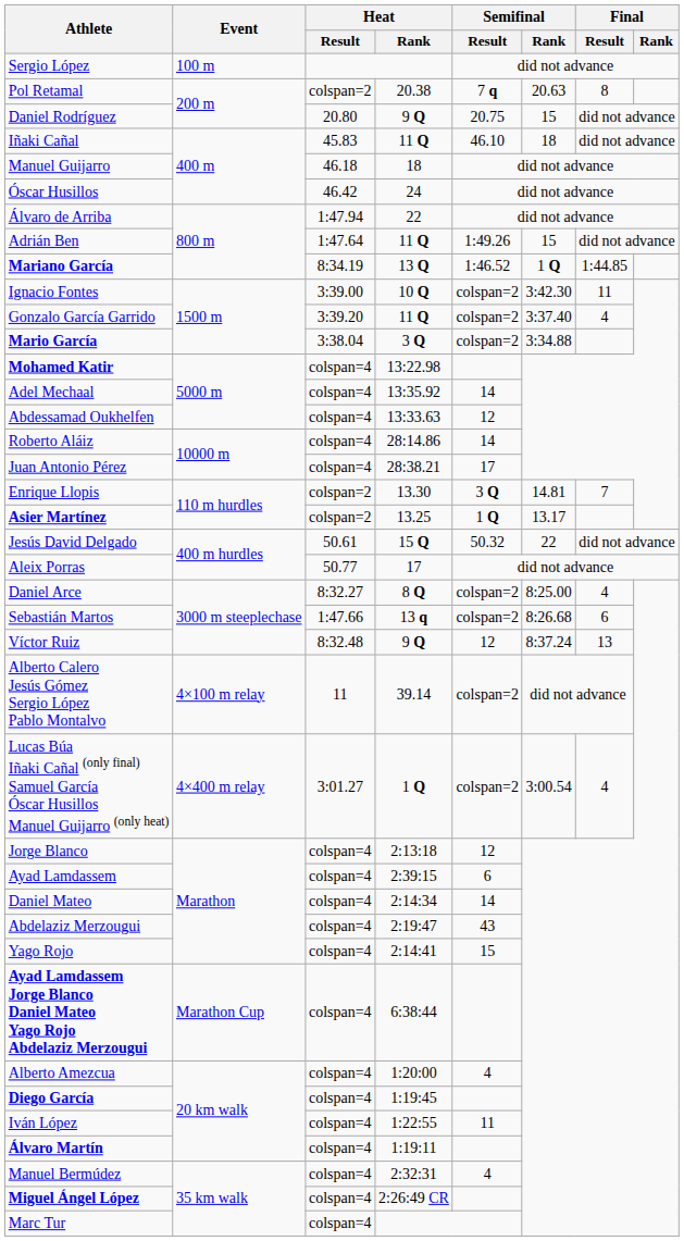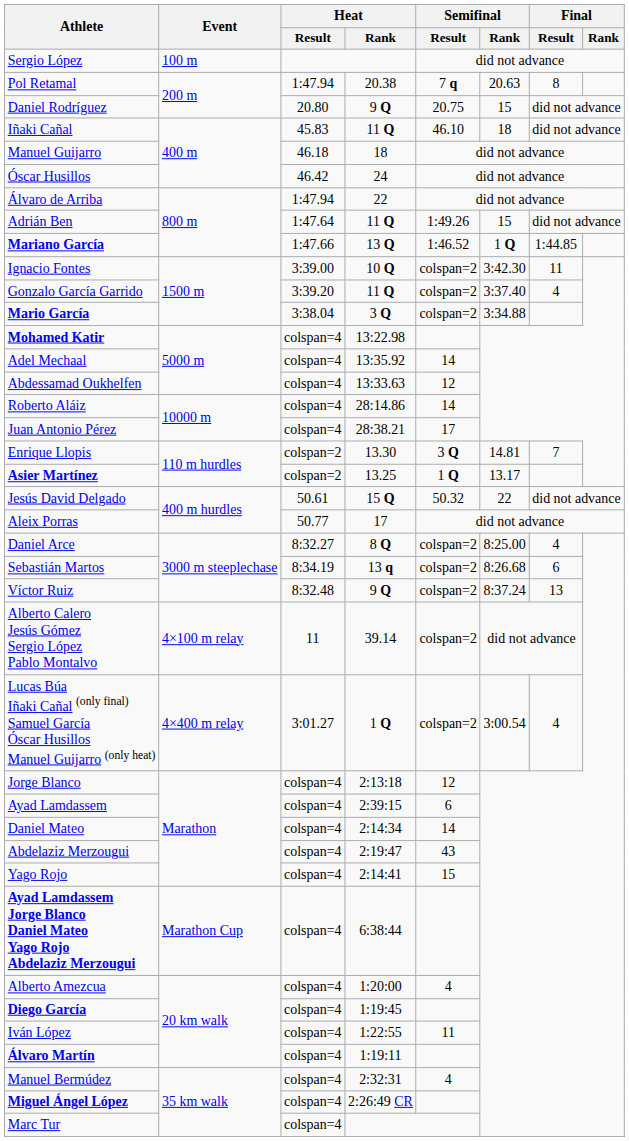 <table class="wikitable" style="font-size:90%">
 <tr>
 <th rowspan="2">Athlete</th>
 <th rowspan="2">Event</th>
 <th colspan="2">Heat</th>
 <th colspan="2">Semifinal</th>
 <th colspan="2">Final</th>
 </tr>
 <tr style="font-size:95%">
 <th>Result</th>
 <th>Rank</th>
 <th>Result</th>
 <th>Rank</th>
 <th>Result</th>
 <th>Rank</th>
 </tr>
 <tr align=center>
 <td align=left><a href='#'>Sergio López</a></td>
 <td align=left><a href='#'>100 m</a></td>
 <td colspan=2></td>
 <td colspan=4>did not advance</td>
 </tr>
 <tr align=center>
 <td align=left><a href='#'>Pol Retamal</a></td>
 <td align=left rowspan=2><a href='#'>200 m</a></td>
-<td>colspan=2 </td>
+<td>1:47.94</td>
 <td>20.38</td>
 <td>7 <strong>q</strong></td>
 <td>20.63</td>
 <td>8</td>
 </tr>
 <tr align=center>
 <td align=left><a href='#'>Daniel Rodríguez</a></td>
 <td>20.80</td>
 <td>9 <strong>Q</strong></td>
 <td>20.75</td>
 <td>15</td>
 <td colspan=2>did not advance</td>
 </tr>
 <tr align=center>
 <td align=left><a href='#'>Iñaki Cañal</a></td>
 <td align=left rowspan=3><a href='#'>400 m</a></td>
 <td>45.83 </td>
 <td>11 <strong>Q</strong></td>
 <td>46.10</td>
 <td>18</td>
 <td colspan=2>did not advance</td>
 </tr>
 <tr align=center>
 <td align=left><a href='#'>Manuel Guijarro</a></td>
 <td>46.18</td>
 <td>18</td>
 <td colspan=4>did not advance</td>
 </tr>
 <tr align=center>
 <td align=left><a href='#'>Óscar Husillos</a></td>
 <td>46.42</td>
 <td>24</td>
 <td colspan=4>did not advance</td>
 </tr>
 <tr align=center>
 <td align=left><a href='#'>Álvaro de Arriba</a></td>
 <td align=left rowspan=3><a href='#'>800 m</a></td>
 <td>1:47.94</td>
 <td>22</td>
 <td colspan=4>did not advance</td>
 </tr>
 <tr align=center>
 <td align=left><a href='#'>Adrián Ben</a></td>
 <td>1:47.64</td>
 <td>11 <strong>Q</strong></td>
 <td>1:49.26</td>
 <td>15</td>
 <td colspan=2>did not advance</td>
 </tr>
 <tr align=center>
 <td align=left><strong><a href='#'>Mariano García</a></strong></td>
-<td>8:34.19</td>
+<td>1:47.66</td>
 <td>13 <strong>Q</strong></td>
 <td>1:46.52</td>
 <td>1 <strong>Q</strong></td>
 <td>1:44.85 </td>
 <td></td>
 </tr>
 <tr align=center>
 <td align=left><a href='#'>Ignacio Fontes</a></td>
 <td align=left rowspan=3><a href='#'>1500 m</a></td>
 <td>3:39.00</td>
 <td>10 <strong>Q</strong></td>
 <td>colspan=2 </td>
 <td>3:42.30</td>
 <td>11</td>
 </tr>
 <tr align=center>
 <td align=left><a href='#'>Gonzalo García Garrido</a></td>
 <td>3:39.20</td>
 <td>11 <strong>Q</strong></td>
 <td>colspan=2 </td>
 <td>3:37.40</td>
 <td>4</td>
 </tr>
 <tr align=center>
 <td align=left><strong><a href='#'>Mario García</a></strong></td>
 <td>3:38.04</td>
 <td>3 <strong>Q</strong></td>
 <td>colspan=2 </td>
 <td>3:34.88</td>
 <td></td>
 </tr>
 <tr align=center>
 <td align=left><strong><a href='#'>Mohamed Katir</a></strong></td>
 <td align=left rowspan=3><a href='#'>5000 m</a></td>
 <td>colspan=4 </td>
 <td>13:22.98 </td>
 <td></td>
 </tr>
 <tr align=center>
 <td align=left><a href='#'>Adel Mechaal</a></td>
 <td>colspan=4 </td>
 <td>13:35.92</td>
 <td>14</td>
 </tr>
 <tr align=center>
 <td align=left><a href='#'>Abdessamad Oukhelfen</a></td>
 <td>colspan=4 </td>
 <td>13:33.63</td>
 <td>12</td>
 </tr>
 <tr align=center>
 <td align=left><a href='#'>Roberto Aláiz</a></td>
 <td align=left rowspan=2><a href='#'>10000 m</a></td>
 <td>colspan=4 </td>
 <td>28:14.86</td>
 <td>14</td>
 </tr>
 <tr align=center>
 <td align=left><a href='#'>Juan Antonio Pérez</a></td>
 <td>colspan=4 </td>
 <td>28:38.21</td>
 <td>17</td>
 </tr>
 <tr align=center>
 <td align=left><a href='#'>Enrique Llopis</a></td>
 <td align=left rowspan=2><a href='#'>110 m hurdles</a></td>
 <td>colspan=2 </td>
 <td>13.30 </td>
 <td>3 <strong>Q</strong></td>
 <td>14.81</td>
 <td>7</td>
 </tr>
 <tr align=center>
 <td align=left><strong><a href='#'>Asier Martínez</a></strong></td>
 <td>colspan=2 </td>
 <td>13.25</td>
 <td>1 <strong>Q</strong></td>
 <td>13.17</td>
 <td></td>
 </tr>
 <tr align=center>
 <td align=left><a href='#'>Jesús David Delgado</a></td>
 <td align=left rowspan=2><a href='#'>400 m hurdles</a></td>
 <td>50.61</td>
 <td>15 <strong>Q</strong></td>
 <td>50.32</td>
 <td>22</td>
 <td colspan=2>did not advance</td>
 </tr>
 <tr align=center>
 <td align=left><a href='#'>Aleix Porras</a></td>
 <td>50.77</td>
 <td>17</td>
 <td colspan=4>did not advance</td>
 </tr>
 <tr align=center>
 <td align=left><a href='#'>Daniel Arce</a></td>
 <td align=left rowspan=3><a href='#'>3000 m steeplechase</a></td>
 <td>8:32.27</td>
 <td>8 <strong>Q</strong></td>
 <td>colspan=2 </td>
 <td>8:25.00</td>
 <td>4</td>
 </tr>
 <tr align=center>
 <td align=left><a href='#'>Sebastián Martos</a></td>
-<td>1:47.66</td>
+<td>8:34.19</td>
 <td>13 <strong>q</strong></td>
 <td>colspan=2 </td>
 <td>8:26.68</td>
 <td>6</td>
 </tr>
 <tr align=center>
 <td align=left><a href='#'>Víctor Ruiz</a></td>
 <td>8:32.48</td>
 <td>9 <strong>Q</strong></td>
-<td>12</td>
+<td>colspan=2 </td>
 <td>8:37.24</td>
 <td>13</td>
 </tr>
 <tr align=center>
 <td align=left><a href='#'>Alberto Calero</a><br><a href='#'>Jesús Gómez</a><br><a href='#'>Sergio López</a><br><a href='#'>Pablo Montalvo</a></td>
 <td align=left><a href='#'>4×100 m relay</a></td>
 <td>11</td>
 <td>39.14</td>
 <td>colspan=2 </td>
 <td colspan=2>did not advance</td>
 </tr>
 <tr align=center>
 <td align=left><a href='#'>Lucas Búa</a><br><a href='#'>Iñaki Cañal</a> <sup>(only final)</sup><br><a href='#'>Samuel García</a><br><a href='#'>Óscar Husillos</a><br><a href='#'>Manuel Guijarro</a> <sup>(only heat)</sup></td>
 <td align=left><a href='#'>4×400 m relay</a></td>
 <td>3:01.27 </td>
 <td>1 <strong>Q</strong></td>
 <td>colspan=2 </td>
 <td>3:00.54 </td>
 <td>4</td>
 </tr>
 <tr align=center>
 <td align=left><a href='#'>Jorge Blanco</a></td>
 <td align=left rowspan=5><a href='#'>Marathon</a></td>
 <td>colspan=4 </td>
 <td>2:13:18 </td>
 <td>12</td>
 </tr>
 <tr align=center>
 <td align=left><a href='#'>Ayad Lamdassem</a></td>
 <td>colspan=4 </td>
 <td>2:39:15</td>
 <td>6</td>
 </tr>
 <tr align=center>
 <td align=left><a href='#'>Daniel Mateo</a></td>
 <td>colspan=4 </td>
 <td>2:14:34</td>
 <td>14</td>
 </tr>
 <tr align=center>
 <td align=left><a href='#'>Abdelaziz Merzougui</a></td>
 <td>colspan=4 </td>
 <td>2:19:47 </td>
 <td>43</td>
 </tr>
 <tr align=center>
 <td align=left><a href='#'>Yago Rojo</a></td>
 <td>colspan=4 </td>
 <td>2:14:41 </td>
 <td>15</td>
 </tr>
 <tr align=center>
 <td align=left><strong><a href='#'>Ayad Lamdassem</a><br><a href='#'>Jorge Blanco</a><br><a href='#'>Daniel Mateo</a><br><a href='#'>Yago Rojo</a><br><a href='#'>Abdelaziz Merzougui</a></strong></td>
 <td align=left><a href='#'>Marathon Cup</a></td>
 <td>colspan=4 </td>
 <td>6:38:44</td>
 <td></td>
 </tr>
 <tr align=center>
 <td align=left><a href='#'>Alberto Amezcua</a></td>
 <td align=left rowspan=4><a href='#'>20 km walk</a></td>
 <td>colspan=4 </td>
 <td>1:20:00</td>
 <td>4</td>
 </tr>
 <tr align=center>
 <td align=left><strong><a href='#'>Diego García</a></strong></td>
 <td>colspan=4 </td>
 <td>1:19:45 </td>
 <td></td>
 </tr>
 <tr align=center>
 <td align=left><a href='#'>Iván López</a></td>
 <td>colspan=4 </td>
 <td>1:22:55</td>
 <td>11</td>
 </tr>
 <tr align=center>
 <td align=left><strong><a href='#'>Álvaro Martín</a></strong></td>
 <td>colspan=4 </td>
 <td>1:19:11 </td>
 <td></td>
 </tr>
 <tr align=center>
 <td align=left><a href='#'>Manuel Bermúdez</a></td>
 <td align=left rowspan=3><a href='#'>35 km walk</a></td>
 <td>colspan=4 </td>
 <td>2:32:31</td>
 <td>4</td>
 </tr>
 <tr align=center>
 <td align=left><strong><a href='#'>Miguel Ángel López</a></strong></td>
 <td>colspan=4 </td>
 <td>2:26:49 <a href='#'>CR</a></td>
 <td></td>
 </tr>
 <tr align=center>
 <td align=left><a href='#'>Marc Tur</a></td>
 <td>colspan=4 </td>
 <td colspan=2></td>
 </tr>
 </table>
